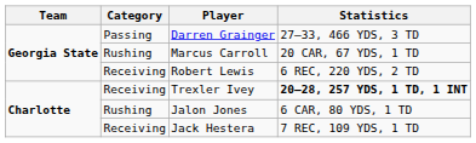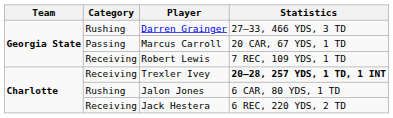 <table class="wikitable" style="float: left;">
 <tr>
 <th>Team</th>
 <th>Category</th>
 <th>Player</th>
 <th>Statistics</th>
 </tr>
 <tr>
 <td rowspan=3><strong>Georgia State</strong></td>
-<td>Passing</td>
+<td>Rushing</td>
 <td><a href='#'>Darren Grainger</a></td>
 <td>27–33, 466 YDS, 3 TD</td>
 </tr>
 <tr>
-<td>Rushing</td>
+<td>Passing</td>
 <td>Marcus Carroll</td>
 <td>20 CAR, 67 YDS, 1 TD</td>
 </tr>
 <tr>
 <td>Receiving</td>
 <td>Robert Lewis</td>
-<td>6 REC, 220 YDS, 2 TD</td>
+<td>7 REC, 109 YDS, 1 TD</td>
 </tr>
 <tr>
 <td rowspan=3><strong>Charlotte</strong></td>
 <td>Receiving</td>
 <td>Trexler Ivey</td>
 <td><strong>20–28, 257 YDS, 1 TD, 1 INT</strong></td>
 </tr>
 <tr>
 <td>Rushing</td>
 <td>Jalon Jones</td>
 <td>6 CAR, 80 YDS, 1 TD</td>
 </tr>
 <tr>
 <td>Receiving</td>
 <td>Jack Hestera</td>
-<td>7 REC, 109 YDS, 1 TD</td>
+<td>6 REC, 220 YDS, 2 TD</td>
 </tr>
 </table>
